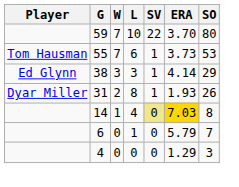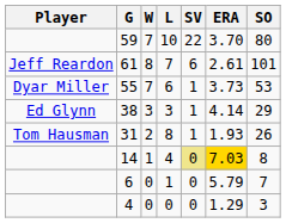 <table class="wikitable sortable">
 <tr>
 <th>Player</th>
 <th>G</th>
 <th>W</th>
 <th>L</th>
 <th>SV</th>
 <th>ERA</th>
 <th>SO</th>
 </tr>
 <tr style="text-align:center;">
 <td></td>
 <td>59</td>
 <td>7</td>
 <td>10</td>
 <td>22</td>
 <td>3.70</td>
 <td>80</td>
 </tr>
+<tr align=center>
+<td><a href='#'>Jeff Reardon</a></td>
+<td>61</td>
+<td>8</td>
+<td>7</td>
+<td>6</td>
+<td>2.61</td>
+<td>101</td>
+</tr>
 <tr style="text-align:center;">
-<td><a href='#'>Tom Hausman</a></td>
+<td><a href='#'>Dyar Miller</a></td>
 <td>55</td>
 <td>7</td>
 <td>6</td>
 <td>1</td>
 <td>3.73</td>
 <td>53</td>
 </tr>
 <tr align=center>
 <td><a href='#'>Ed Glynn</a></td>
 <td>38</td>
 <td>3</td>
 <td>3</td>
 <td>1</td>
 <td>4.14</td>
 <td>29</td>
 </tr>
 <tr align=center>
-<td><a href='#'>Dyar Miller</a></td>
+<td><a href='#'>Tom Hausman</a></td>
 <td>31</td>
 <td>2</td>
 <td>8</td>
 <td>1</td>
 <td>1.93</td>
 <td>26</td>
 </tr>
 <tr align=center>
 <td></td>
 <td>14</td>
 <td>1</td>
 <td>4</td>
 <td style="background: khaki;">0</td>
 <td style="background: gold;">7.03</td>
 <td>8</td>
 </tr>
 <tr style="text-align:center;">
 <td></td>
 <td>6</td>
 <td>0</td>
 <td>1</td>
 <td>0</td>
 <td>5.79</td>
 <td>7</td>
 </tr>
 <tr style="text-align:center;">
 <td></td>
 <td>4</td>
 <td>0</td>
 <td>0</td>
 <td>0</td>
 <td>1.29</td>
 <td>3</td>
 </tr>
 </table>
